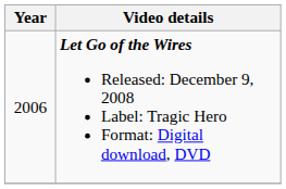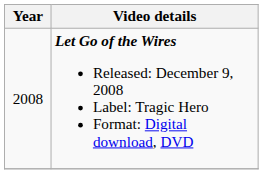 <table class="wikitable" style="text-align:center;">
 <tr>
 <th width="42">Year</th>
 <th width="210">Video details</th>
 </tr>
 <tr>
-<td>2006</td>
+<td>2008</td>
 <td align="left"><strong><em>Let Go of the Wires</em></strong><br><ul><li>Released: December 9, 2008</li><li>Label: Tragic Hero</li><li>Format: <a href='#'>Digital download</a>, <a href='#'>DVD</a></li></ul></td>
 </tr>
 <tr>
 </tr>
 </table>
